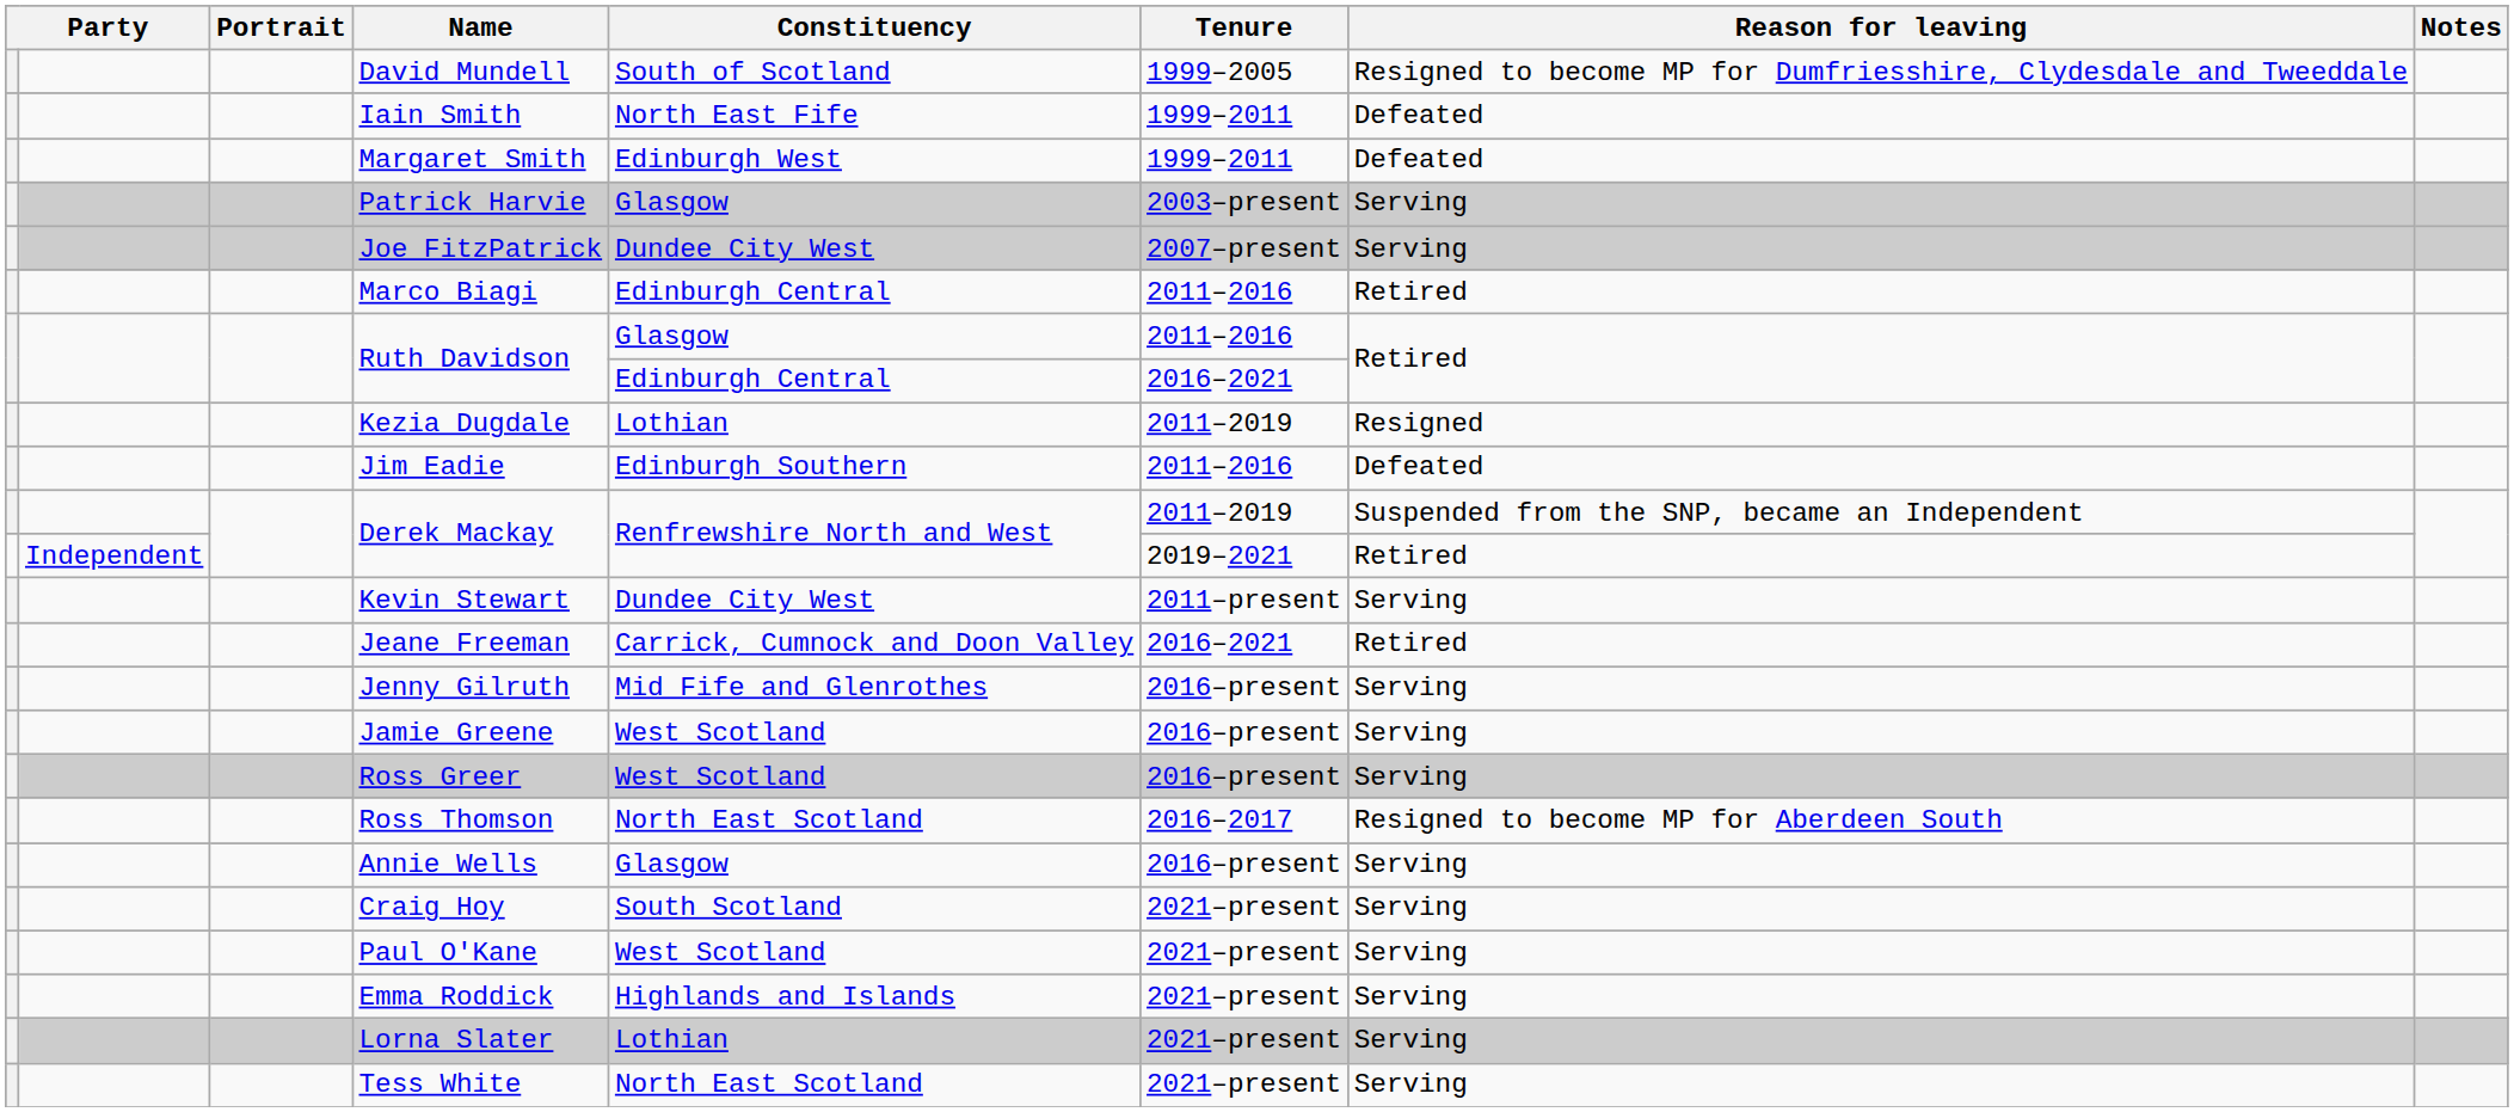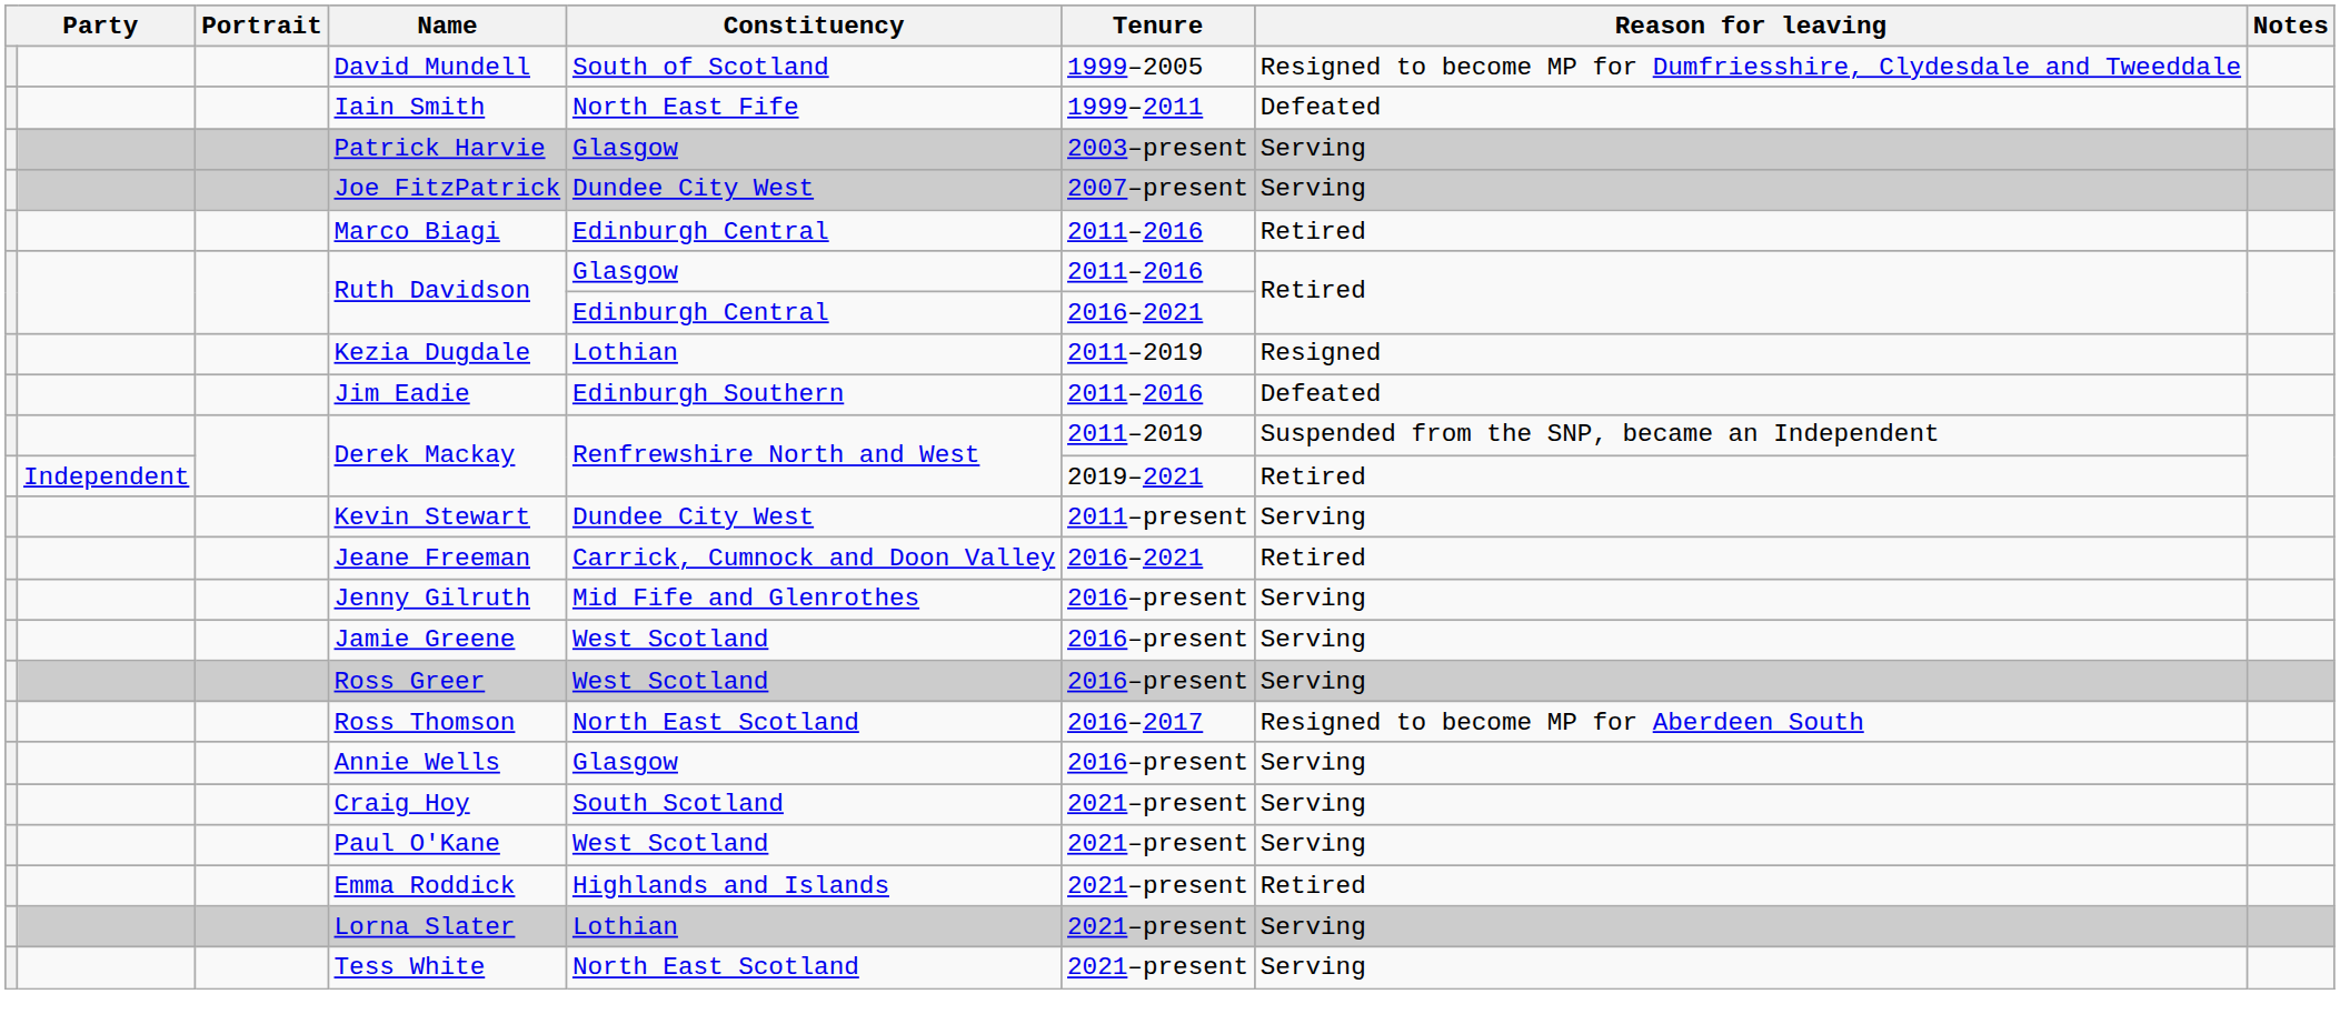 <table class="wikitable sortable">
 <tr>
 <th colspan=2>Party</th>
 <th class="unsortable">Portrait</th>
 <th class="unsortable">Name</th>
 <th class="unsortable">Constituency</th>
 <th>Tenure</th>
 <th>Reason for leaving</th>
 <th class="unsortable">Notes</th>
 </tr>
 <tr>
 <th style="background-color: "></th>
 <td></td>
 <td></td>
 <td><a href='#'>David Mundell</a></td>
 <td><a href='#'>South of Scotland</a></td>
 <td><a href='#'>1999</a>–2005</td>
 <td>Resigned to become MP for <a href='#'>Dumfriesshire, Clydesdale and Tweeddale</a></td>
 <td></td>
 </tr>
 <tr>
 <th style="background-color: "></th>
 <td></td>
 <td></td>
 <td><a href='#'>Iain Smith</a></td>
 <td><a href='#'>North East Fife</a></td>
-<td><a href='#'>1999</a>–<a href='#'>2011</a></td>
-<td>Defeated</td>
-<td></td>
-</tr>
-<tr>
-<th style="background-color: "></th>
-<td></td>
-<td></td>
-<td><a href='#'>Margaret Smith</a></td>
-<td><a href='#'>Edinburgh West</a></td>
 <td><a href='#'>1999</a>–<a href='#'>2011</a></td>
 <td>Defeated</td>
 <td></td>
 </tr>
 <tr style="background:#ccc;">
 <th style="background-color: "></th>
 <td></td>
 <td></td>
 <td><a href='#'>Patrick Harvie</a></td>
 <td><a href='#'>Glasgow</a></td>
 <td><a href='#'>2003</a>–present</td>
 <td>Serving</td>
 <td></td>
 </tr>
 <tr style="background:#ccc;">
 <th style="background-color: "></th>
 <td></td>
 <td></td>
 <td><a href='#'>Joe FitzPatrick</a></td>
 <td><a href='#'>Dundee City West</a></td>
 <td><a href='#'>2007</a>–present</td>
 <td>Serving</td>
 <td></td>
 </tr>
 <tr>
 <th style="background-color: "></th>
 <td></td>
 <td></td>
 <td><a href='#'>Marco Biagi</a></td>
 <td><a href='#'>Edinburgh Central</a></td>
 <td><a href='#'>2011</a>–<a href='#'>2016</a></td>
 <td>Retired</td>
 <td></td>
 </tr>
 <tr>
 <th rowspan=2 style="background-color: "></th>
 <td rowspan=2></td>
 <td rowspan=2></td>
 <td rowspan=2><a href='#'>Ruth Davidson</a></td>
 <td><a href='#'>Glasgow</a></td>
 <td><a href='#'>2011</a>–<a href='#'>2016</a></td>
 <td rowspan=2>Retired</td>
 <td rowspan=2></td>
 </tr>
 <tr>
 <td><a href='#'>Edinburgh Central</a></td>
 <td><a href='#'>2016</a>–<a href='#'>2021</a></td>
 </tr>
 <tr>
 <th style="background-color: "></th>
 <td><a href='#'></a></td>
 <td></td>
 <td><a href='#'>Kezia Dugdale</a></td>
 <td><a href='#'>Lothian</a></td>
 <td><a href='#'>2011</a>–2019</td>
 <td>Resigned</td>
 <td></td>
 </tr>
 <tr>
 <th style="background-color: "></th>
 <td></td>
 <td></td>
 <td><a href='#'>Jim Eadie</a></td>
 <td><a href='#'>Edinburgh Southern</a></td>
 <td><a href='#'>2011</a>–<a href='#'>2016</a></td>
 <td>Defeated</td>
 <td></td>
 </tr>
 <tr>
 <th style="background-color: "></th>
 <td></td>
 <td rowspan=2></td>
 <td rowspan=2><a href='#'>Derek Mackay</a></td>
 <td rowspan=2><a href='#'>Renfrewshire North and West</a></td>
 <td><a href='#'>2011</a>–2019</td>
 <td>Suspended from the SNP, became an Independent</td>
 <td rowspan=2></td>
 </tr>
 <tr>
 <td style="background-color: "></td>
 <td><a href='#'>Independent</a></td>
 <td>2019–<a href='#'>2021</a></td>
 <td>Retired</td>
 </tr>
 <tr -style="background:#ccc;">
 <th style="background-color: "></th>
 <td></td>
 <td></td>
 <td><a href='#'>Kevin Stewart</a></td>
 <td><a href='#'>Dundee City West</a></td>
 <td><a href='#'>2011</a>–present</td>
 <td>Serving</td>
 <td></td>
 </tr>
 <tr>
 <th style="background-color: "></th>
 <td></td>
 <td></td>
 <td><a href='#'>Jeane Freeman</a></td>
 <td><a href='#'>Carrick, Cumnock and Doon Valley</a></td>
 <td><a href='#'>2016</a>–<a href='#'>2021</a></td>
 <td>Retired</td>
 <td></td>
 </tr>
 <tr -style="background:#ccc;">
 <th style="background-color: "></th>
 <td></td>
 <td></td>
 <td><a href='#'>Jenny Gilruth</a></td>
 <td><a href='#'>Mid Fife and Glenrothes</a></td>
 <td><a href='#'>2016</a>–present</td>
 <td>Serving</td>
 <td></td>
 </tr>
 <tr -style="background:#ccc;">
 <th style="background-color: "></th>
 <td></td>
 <td></td>
 <td><a href='#'>Jamie Greene</a></td>
 <td><a href='#'>West Scotland</a></td>
 <td><a href='#'>2016</a>–present</td>
 <td>Serving</td>
 <td></td>
 </tr>
 <tr style="background:#ccc;">
 <th style="background-color: "></th>
 <td></td>
 <td></td>
 <td><a href='#'>Ross Greer</a></td>
 <td><a href='#'>West Scotland</a></td>
 <td><a href='#'>2016</a>–present</td>
 <td>Serving</td>
 <td></td>
 </tr>
 <tr>
 <th style="background-color: "></th>
 <td></td>
 <td></td>
 <td><a href='#'>Ross Thomson</a></td>
 <td><a href='#'>North East Scotland</a></td>
 <td><a href='#'>2016</a>–<a href='#'>2017</a></td>
 <td>Resigned to become MP for <a href='#'>Aberdeen South</a></td>
 <td></td>
 </tr>
 <tr -style="background:#ccc;">
 <th style="background-color: "></th>
 <td></td>
 <td></td>
 <td><a href='#'>Annie Wells</a></td>
 <td><a href='#'>Glasgow</a></td>
 <td><a href='#'>2016</a>–present</td>
 <td>Serving</td>
 <td></td>
 </tr>
 <tr -style="background:#ccc;">
 <th style="background-color: "></th>
 <td></td>
 <td></td>
 <td><a href='#'>Craig Hoy</a></td>
 <td><a href='#'>South Scotland</a></td>
 <td><a href='#'>2021</a>–present</td>
 <td>Serving</td>
 <td></td>
 </tr>
 <tr -style="background:#ccc;">
 <th style="background-color: "></th>
 <td><a href='#'></a></td>
 <td></td>
 <td><a href='#'>Paul O'Kane</a></td>
 <td><a href='#'>West Scotland</a></td>
 <td><a href='#'>2021</a>–present</td>
 <td>Serving</td>
 <td></td>
 </tr>
 <tr -style="background:#ccc;">
 <th style="background-color: "></th>
 <td></td>
 <td></td>
 <td><a href='#'>Emma Roddick</a></td>
 <td><a href='#'>Highlands and Islands</a></td>
 <td><a href='#'>2021</a>–present</td>
-<td>Serving</td>
+<td>Retired</td>
 <td></td>
 </tr>
 <tr style="background:#ccc;">
 <th style="background-color: "></th>
 <td></td>
 <td></td>
 <td><a href='#'>Lorna Slater</a></td>
 <td><a href='#'>Lothian</a></td>
 <td><a href='#'>2021</a>–present</td>
 <td>Serving</td>
 <td></td>
 </tr>
 <tr -style="background:#ccc;">
 <th style="background-color: "></th>
 <td></td>
 <td></td>
 <td><a href='#'>Tess White</a></td>
 <td><a href='#'>North East Scotland</a></td>
 <td><a href='#'>2021</a>–present</td>
 <td>Serving</td>
 <td></td>
 </tr>
 </table>
